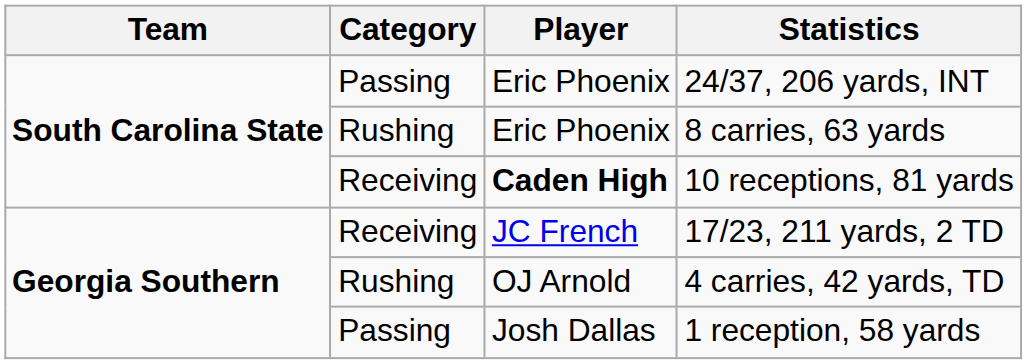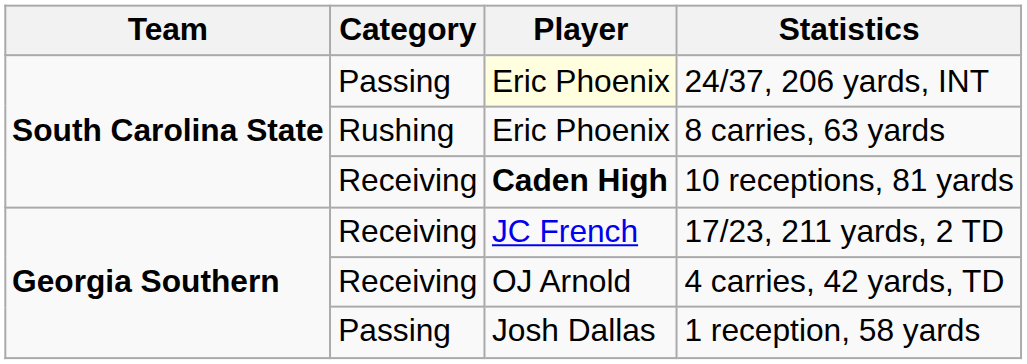 <table class="wikitable" style="float: right;">
 <tr>
 <th>Team</th>
 <th>Category</th>
 <th>Player</th>
 <th>Statistics</th>
 </tr>
 <tr>
 <td rowspan=3><strong>South Carolina State</strong></td>
 <td>Passing</td>
-<td>Eric Phoenix</td>
+<td style="background: lightyellow;">Eric Phoenix</td>
 <td>24/37, 206 yards, INT</td>
 </tr>
 <tr>
 <td>Rushing</td>
 <td>Eric Phoenix</td>
 <td>8 carries, 63 yards</td>
 </tr>
 <tr>
 <td>Receiving</td>
 <td><strong>Caden High</strong></td>
 <td>10 receptions, 81 yards</td>
 </tr>
 <tr>
 <td rowspan=3><strong>Georgia Southern</strong></td>
 <td>Receiving</td>
 <td><a href='#'>JC French</a></td>
 <td>17/23, 211 yards, 2 TD</td>
 </tr>
 <tr>
-<td>Rushing</td>
+<td>Receiving</td>
 <td>OJ Arnold</td>
 <td>4 carries, 42 yards, TD</td>
 </tr>
 <tr>
 <td>Passing</td>
 <td>Josh Dallas</td>
 <td>1 reception, 58 yards</td>
 </tr>
 </table>
